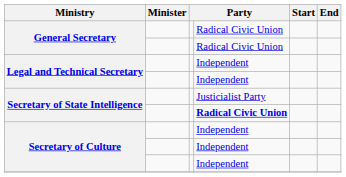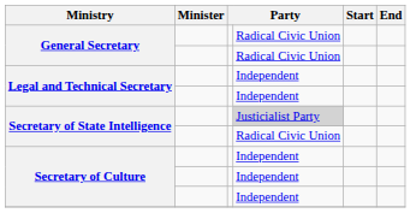 <table class="sortable wikitable" style="font-size:100%;">
 <tr>
 <th scope="col">Ministry</th>
 <th scope="col">Minister</th>
 <th scope="col" colspan="2">Party</th>
 <th scope="col">Start</th>
 <th scope="col">End</th>
 </tr>
 <tr>
 <th scope="row" rowspan="2"><a href='#'>General Secretary</a></th>
 <td></td>
 <td bgcolor=></td>
 <td><a href='#'>Radical Civic Union</a></td>
 <td></td>
 <td></td>
 </tr>
 <tr>
 <td></td>
 <td bgcolor=></td>
 <td><a href='#'>Radical Civic Union</a></td>
 <td></td>
 <td></td>
 </tr>
 <tr>
 <th scope="row" rowspan="2"><a href='#'>Legal and Technical Secretary</a></th>
 <td></td>
 <td bgcolor=></td>
 <td><a href='#'>Independent</a></td>
 <td></td>
 <td></td>
 </tr>
 <tr>
 <td></td>
 <td bgcolor=></td>
 <td><a href='#'>Independent</a></td>
 <td></td>
 <td></td>
 </tr>
 <tr>
 <th scope="row" rowspan="2"><a href='#'>Secretary of State Intelligence</a></th>
 <td></td>
 <td bgcolor=></td>
-<td><a href='#'>Justicialist Party</a></td>
+<td style="background: lightgrey;"><a href='#'>Justicialist Party</a></td>
 <td></td>
 <td></td>
 </tr>
 <tr>
 <td></td>
 <td bgcolor=></td>
-<td><strong><a href='#'>Radical Civic Union</a></strong></td>
+<td><a href='#'>Radical Civic Union</a></td>
 <td></td>
 <td></td>
 </tr>
 <tr>
 <th scope="row" rowspan="3"><a href='#'>Secretary of Culture</a></th>
 <td></td>
 <td bgcolor=></td>
 <td><a href='#'>Independent</a></td>
 <td></td>
 <td></td>
 </tr>
 <tr>
 <td></td>
 <td bgcolor=></td>
 <td><a href='#'>Independent</a></td>
 <td></td>
 <td></td>
 </tr>
 <tr>
 <td></td>
 <td bgcolor=></td>
 <td><a href='#'>Independent</a></td>
 <td></td>
 <td></td>
 </tr>
 <tr>
 </tr>
 </table>
